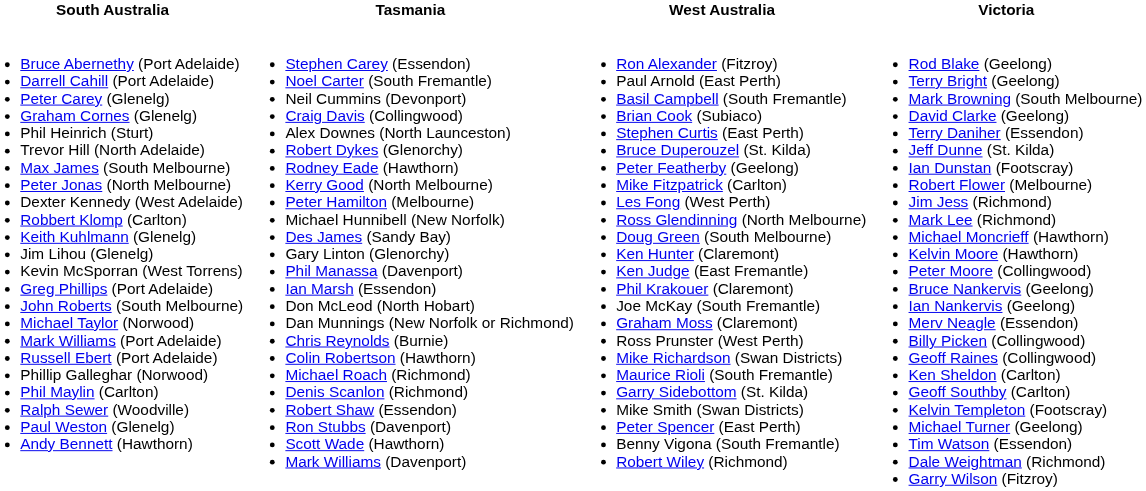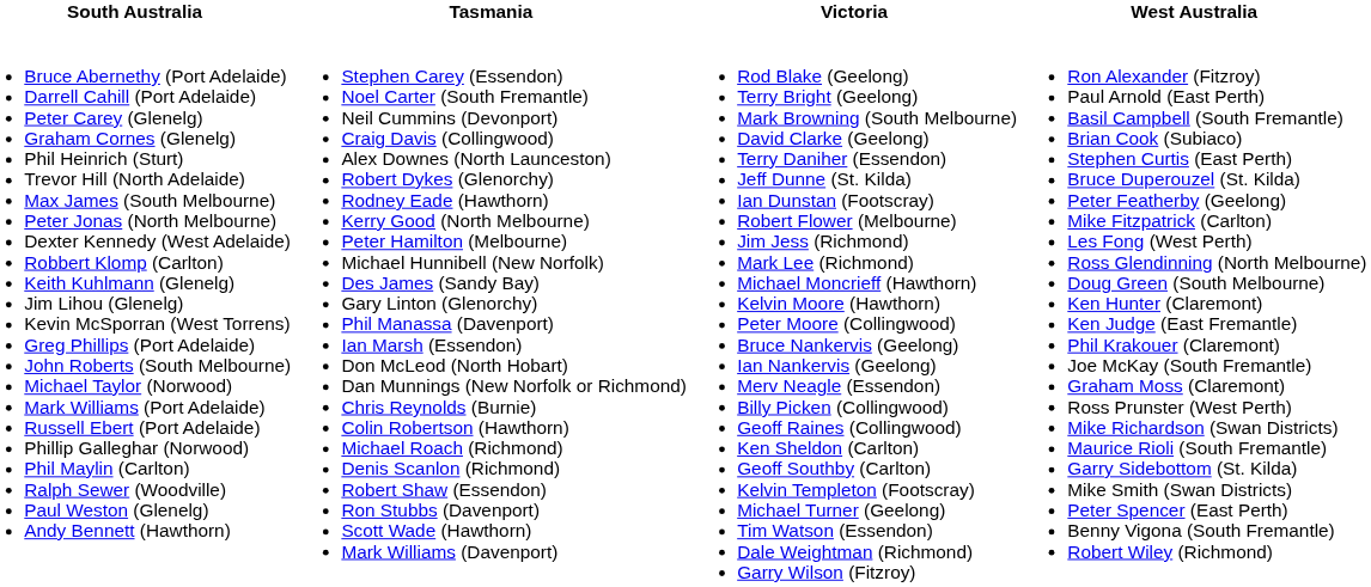 <table>
 <tr>
 <th><span>South Australia </span></th>
 <th><span>Tasmania </span></th>
+<th><span>Victoria </span></th>
 <th><span>West Australia </span></th>
-<th><span>Victoria </span></th>
 </tr>
 <tr valign="top">
 <td><br><ul><li><a href='#'>Bruce Abernethy</a> (Port Adelaide)</li><li><a href='#'>Darrell Cahill</a> (Port Adelaide)</li><li><a href='#'>Peter Carey</a> (Glenelg)</li><li><a href='#'>Graham Cornes</a> (Glenelg)</li><li>Phil Heinrich (Sturt)</li><li>Trevor Hill (North Adelaide)</li><li><a href='#'>Max James</a> (South Melbourne)</li><li><a href='#'>Peter Jonas</a> (North Melbourne)</li><li>Dexter Kennedy (West Adelaide)</li><li><a href='#'>Robbert Klomp</a> (Carlton)</li><li><a href='#'>Keith Kuhlmann</a> (Glenelg)</li><li>Jim Lihou (Glenelg)</li><li>Kevin McSporran (West Torrens)</li><li><a href='#'>Greg Phillips</a> (Port Adelaide)</li><li><a href='#'>John Roberts</a> (South Melbourne)</li><li><a href='#'>Michael Taylor</a> (Norwood)</li><li><a href='#'>Mark Williams</a> (Port Adelaide)</li><li><a href='#'>Russell Ebert</a> (Port Adelaide)</li><li>Phillip Galleghar (Norwood)</li><li><a href='#'>Phil Maylin</a> (Carlton)</li><li><a href='#'>Ralph Sewer</a> (Woodville)</li><li><a href='#'>Paul Weston</a> (Glenelg)</li><li><a href='#'>Andy Bennett</a> (Hawthorn)</li></ul></td>
 <td><br><ul><li><a href='#'>Stephen Carey</a> (Essendon)</li><li><a href='#'>Noel Carter</a> (South Fremantle)</li><li>Neil Cummins (Devonport)</li><li><a href='#'>Craig Davis</a> (Collingwood)</li><li>Alex Downes (North Launceston)</li><li><a href='#'>Robert Dykes</a> (Glenorchy)</li><li><a href='#'>Rodney Eade</a> (Hawthorn)</li><li><a href='#'>Kerry Good</a> (North Melbourne)</li><li><a href='#'>Peter Hamilton</a> (Melbourne)</li><li>Michael Hunnibell (New Norfolk)</li><li><a href='#'>Des James</a> (Sandy Bay)</li><li>Gary Linton (Glenorchy)</li><li><a href='#'>Phil Manassa</a> (Davenport)</li><li><a href='#'>Ian Marsh</a> (Essendon)</li><li>Don McLeod (North Hobart)</li><li>Dan Munnings (New Norfolk or Richmond)</li><li><a href='#'>Chris Reynolds</a> (Burnie)</li><li><a href='#'>Colin Robertson</a> (Hawthorn)</li><li><a href='#'>Michael Roach</a> (Richmond)</li><li><a href='#'>Denis Scanlon</a> (Richmond)</li><li><a href='#'>Robert Shaw</a> (Essendon)</li><li><a href='#'>Ron Stubbs</a> (Davenport)</li><li><a href='#'>Scott Wade</a> (Hawthorn)</li><li><a href='#'>Mark Williams</a> (Davenport)</li></ul></td>
+<td><br><ul><li><a href='#'>Rod Blake</a> (Geelong)</li><li><a href='#'>Terry Bright</a> (Geelong)</li><li><a href='#'>Mark Browning</a> (South Melbourne)</li><li><a href='#'>David Clarke</a> (Geelong)</li><li><a href='#'>Terry Daniher</a> (Essendon)</li><li><a href='#'>Jeff Dunne</a>  (St. Kilda)</li><li><a href='#'>Ian Dunstan</a> (Footscray)</li><li><a href='#'>Robert Flower</a> (Melbourne)</li><li><a href='#'>Jim Jess</a> (Richmond)</li><li><a href='#'>Mark Lee</a> (Richmond)</li><li><a href='#'>Michael Moncrieff</a> (Hawthorn)</li><li><a href='#'>Kelvin Moore</a> (Hawthorn)</li><li><a href='#'>Peter Moore</a> (Collingwood)</li><li><a href='#'>Bruce Nankervis</a> (Geelong)</li><li><a href='#'>Ian Nankervis</a> (Geelong)</li><li><a href='#'>Merv Neagle</a> (Essendon)</li><li><a href='#'>Billy Picken</a> (Collingwood)</li><li><a href='#'>Geoff Raines</a> (Collingwood)</li><li><a href='#'>Ken Sheldon</a> (Carlton)</li><li><a href='#'>Geoff Southby</a> (Carlton)</li><li><a href='#'>Kelvin Templeton</a> (Footscray)</li><li><a href='#'>Michael Turner</a> (Geelong)</li><li><a href='#'>Tim Watson</a> (Essendon)</li><li><a href='#'>Dale Weightman</a> (Richmond)</li><li><a href='#'>Garry Wilson</a> (Fitzroy)</li></ul></td>
 <td><br><ul><li><a href='#'>Ron Alexander</a> (Fitzroy)</li><li>Paul Arnold (East Perth)</li><li><a href='#'>Basil Campbell</a> (South Fremantle)</li><li><a href='#'>Brian Cook</a> (Subiaco)</li><li><a href='#'>Stephen Curtis</a> (East Perth)</li><li><a href='#'>Bruce Duperouzel</a> (St. Kilda)</li><li><a href='#'>Peter Featherby</a> (Geelong)</li><li><a href='#'>Mike Fitzpatrick</a> (Carlton)</li><li><a href='#'>Les Fong</a> (West Perth)</li><li><a href='#'>Ross Glendinning</a> (North Melbourne)</li><li><a href='#'>Doug Green</a> (South Melbourne)</li><li><a href='#'>Ken Hunter</a> (Claremont)</li><li><a href='#'>Ken Judge</a> (East Fremantle)</li><li><a href='#'>Phil Krakouer</a> (Claremont)</li><li>Joe McKay (South Fremantle)</li><li><a href='#'>Graham Moss</a> (Claremont)</li><li>Ross Prunster (West Perth)</li><li><a href='#'>Mike Richardson</a> (Swan Districts)</li><li><a href='#'>Maurice Rioli</a> (South Fremantle)</li><li><a href='#'>Garry Sidebottom</a> (St. Kilda)</li><li>Mike Smith (Swan Districts)</li><li><a href='#'>Peter Spencer</a> (East Perth)</li><li>Benny Vigona (South Fremantle)</li><li><a href='#'>Robert Wiley</a> (Richmond)</li></ul></td>
-<td><br><ul><li><a href='#'>Rod Blake</a> (Geelong)</li><li><a href='#'>Terry Bright</a> (Geelong)</li><li><a href='#'>Mark Browning</a> (South Melbourne)</li><li><a href='#'>David Clarke</a> (Geelong)</li><li><a href='#'>Terry Daniher</a> (Essendon)</li><li><a href='#'>Jeff Dunne</a>  (St. Kilda)</li><li><a href='#'>Ian Dunstan</a> (Footscray)</li><li><a href='#'>Robert Flower</a> (Melbourne)</li><li><a href='#'>Jim Jess</a> (Richmond)</li><li><a href='#'>Mark Lee</a> (Richmond)</li><li><a href='#'>Michael Moncrieff</a> (Hawthorn)</li><li><a href='#'>Kelvin Moore</a> (Hawthorn)</li><li><a href='#'>Peter Moore</a> (Collingwood)</li><li><a href='#'>Bruce Nankervis</a> (Geelong)</li><li><a href='#'>Ian Nankervis</a> (Geelong)</li><li><a href='#'>Merv Neagle</a> (Essendon)</li><li><a href='#'>Billy Picken</a> (Collingwood)</li><li><a href='#'>Geoff Raines</a> (Collingwood)</li><li><a href='#'>Ken Sheldon</a> (Carlton)</li><li><a href='#'>Geoff Southby</a> (Carlton)</li><li><a href='#'>Kelvin Templeton</a> (Footscray)</li><li><a href='#'>Michael Turner</a> (Geelong)</li><li><a href='#'>Tim Watson</a> (Essendon)</li><li><a href='#'>Dale Weightman</a> (Richmond)</li><li><a href='#'>Garry Wilson</a> (Fitzroy)</li></ul></td>
 </tr>
 </table>
